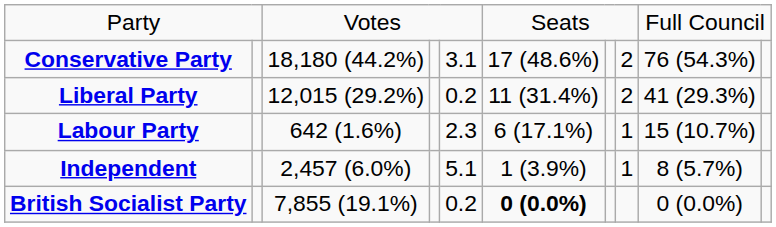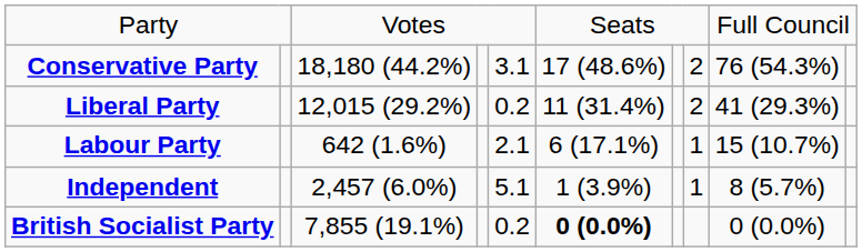 <table class=wikitable style="text-align:center;">
 <tr>
 <td colspan=2>Party</td>
 <td colspan=3>Votes</td>
 <td colspan=3>Seats</td>
 <td colspan=3>Full Council</td>
 </tr>
 <tr>
 <td><strong><a href='#'>Conservative Party</a></strong></td>
 <td style="background:"></td>
 <td>18,180 (44.2%)</td>
 <td></td>
 <td> 3.1</td>
 <td>17 (48.6%)</td>
 <td></td>
 <td> 2</td>
 <td>76 (54.3%)</td>
 <td></td>
 </tr>
 <tr>
 <td><strong><a href='#'>Liberal Party</a></strong></td>
 <td style="background:"></td>
 <td>12,015 (29.2%)</td>
 <td></td>
 <td> 0.2</td>
 <td>11 (31.4%)</td>
 <td></td>
 <td> 2</td>
 <td>41 (29.3%)</td>
 <td></td>
 </tr>
 <tr>
 <td><strong><a href='#'>Labour Party</a></strong></td>
 <td style="background:"></td>
 <td>642 (1.6%)</td>
 <td></td>
-<td> 2.3</td>
+<td> 2.1</td>
 <td>6 (17.1%)</td>
 <td></td>
 <td> 1</td>
 <td>15 (10.7%)</td>
 <td></td>
 </tr>
 <tr>
 <td><strong><a href='#'>Independent</a></strong></td>
 <td style="background:"></td>
 <td>2,457 (6.0%)</td>
 <td></td>
 <td> 5.1</td>
 <td>1 (3.9%)</td>
 <td></td>
 <td> 1</td>
 <td>8 (5.7%)</td>
 <td></td>
 </tr>
 <tr>
 <td><strong><a href='#'>British Socialist Party</a></strong></td>
 <td style="background:"></td>
 <td>7,855 (19.1%)</td>
 <td></td>
 <td> 0.2</td>
 <td><strong>0 (0.0%)</strong></td>
 <td></td>
 <td></td>
 <td>0 (0.0%)</td>
 <td></td>
 </tr>
 </table>
